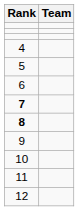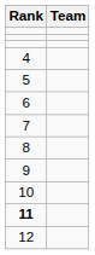 <table class="wikitable">
 <tr>
 <th style="width: 40px;">Rank</th>
 <th>Team</th>
 </tr>
 <tr>
 <td style="text-align: center;"></td>
 <td></td>
 </tr>
 <tr>
 <td style="text-align: center;"></td>
 <td></td>
 </tr>
 <tr>
 <td style="text-align: center;"></td>
 <td></td>
 </tr>
 <tr>
 <td style="text-align: center;">4</td>
 <td></td>
 </tr>
 <tr>
 <td style="text-align: center;">5</td>
 <td></td>
 </tr>
 <tr>
 <td style="text-align: center;">6</td>
 <td></td>
 </tr>
 <tr>
-<td style="text-align: center;"><strong>7</strong></td>
+<td style="text-align: center;">7</td>
 <td></td>
 </tr>
 <tr>
-<td style="text-align: center;"><strong>8</strong></td>
+<td style="text-align: center;">8</td>
 <td></td>
 </tr>
 <tr>
 <td style="text-align: center;">9</td>
 <td></td>
 </tr>
 <tr>
 <td style="text-align: center;">10</td>
 <td></td>
 </tr>
 <tr>
-<td style="text-align: center;">11</td>
+<td style="text-align: center;"><strong>11</strong></td>
 <td></td>
 </tr>
 <tr>
 <td style="text-align: center;">12</td>
 <td></td>
 </tr>
 </table>
